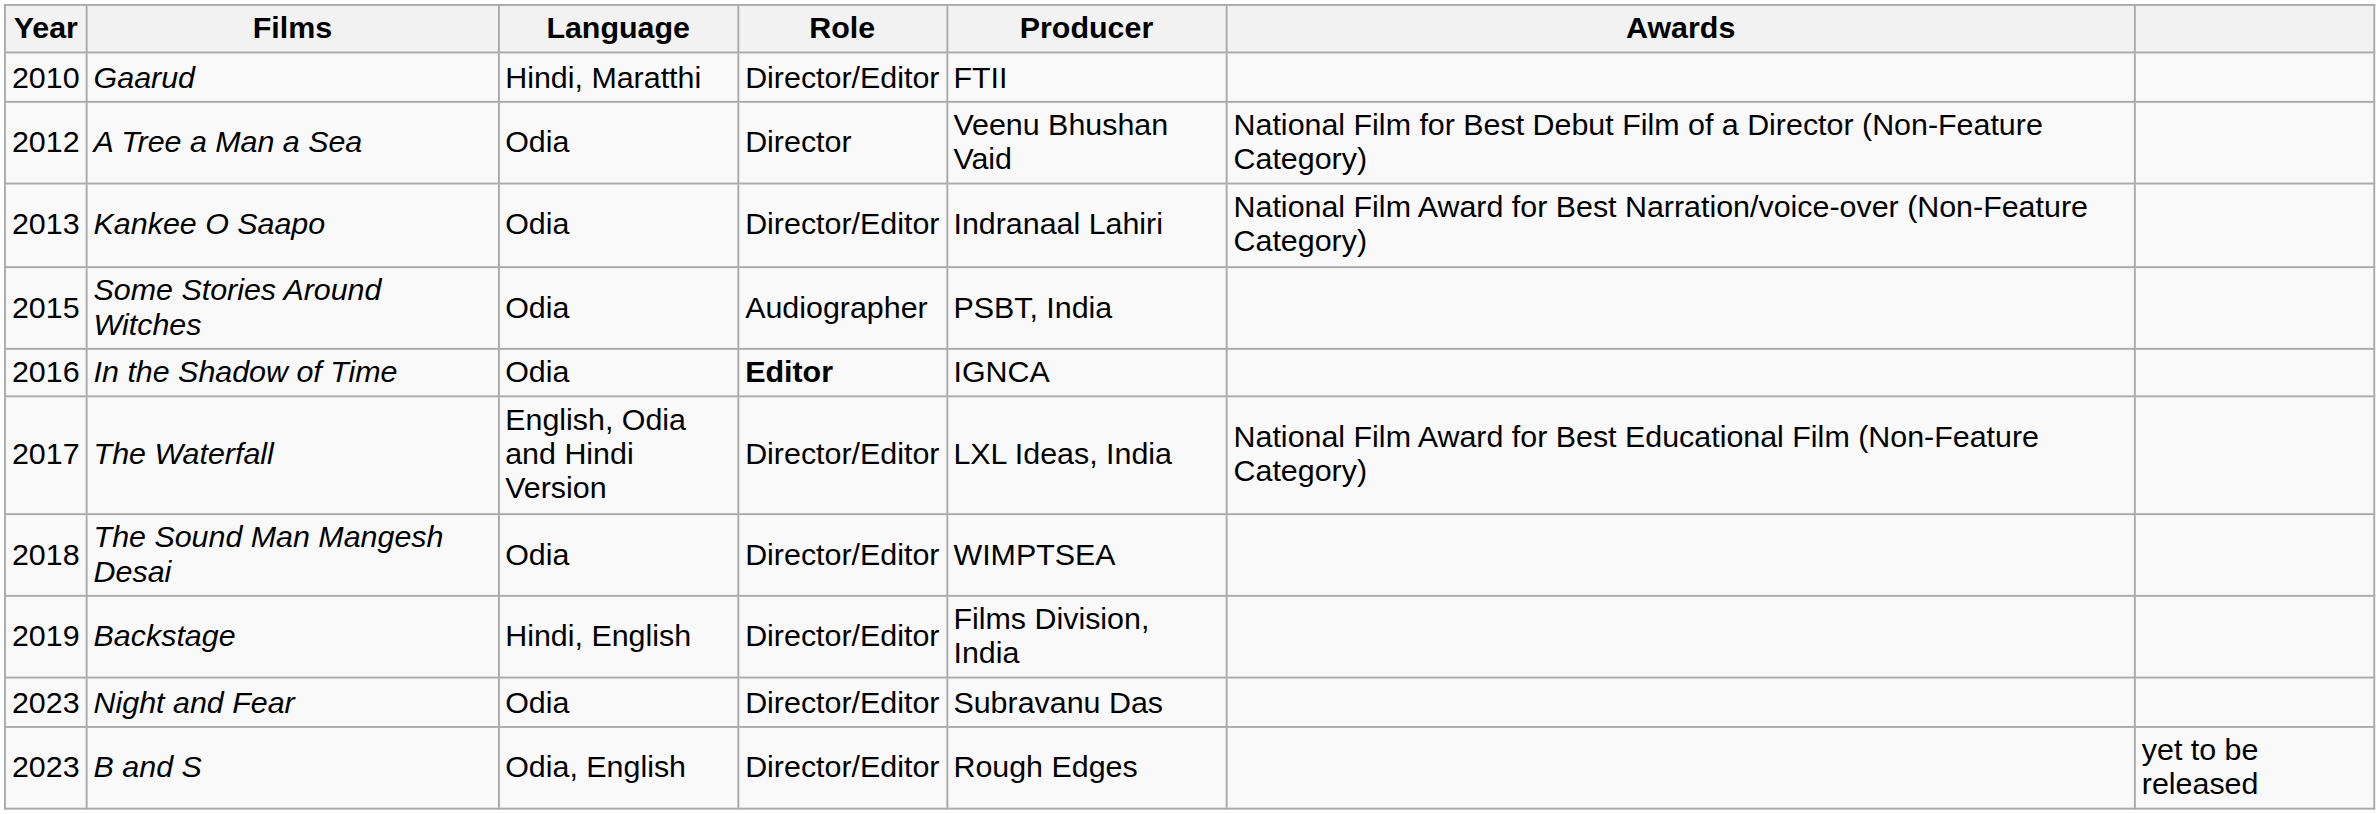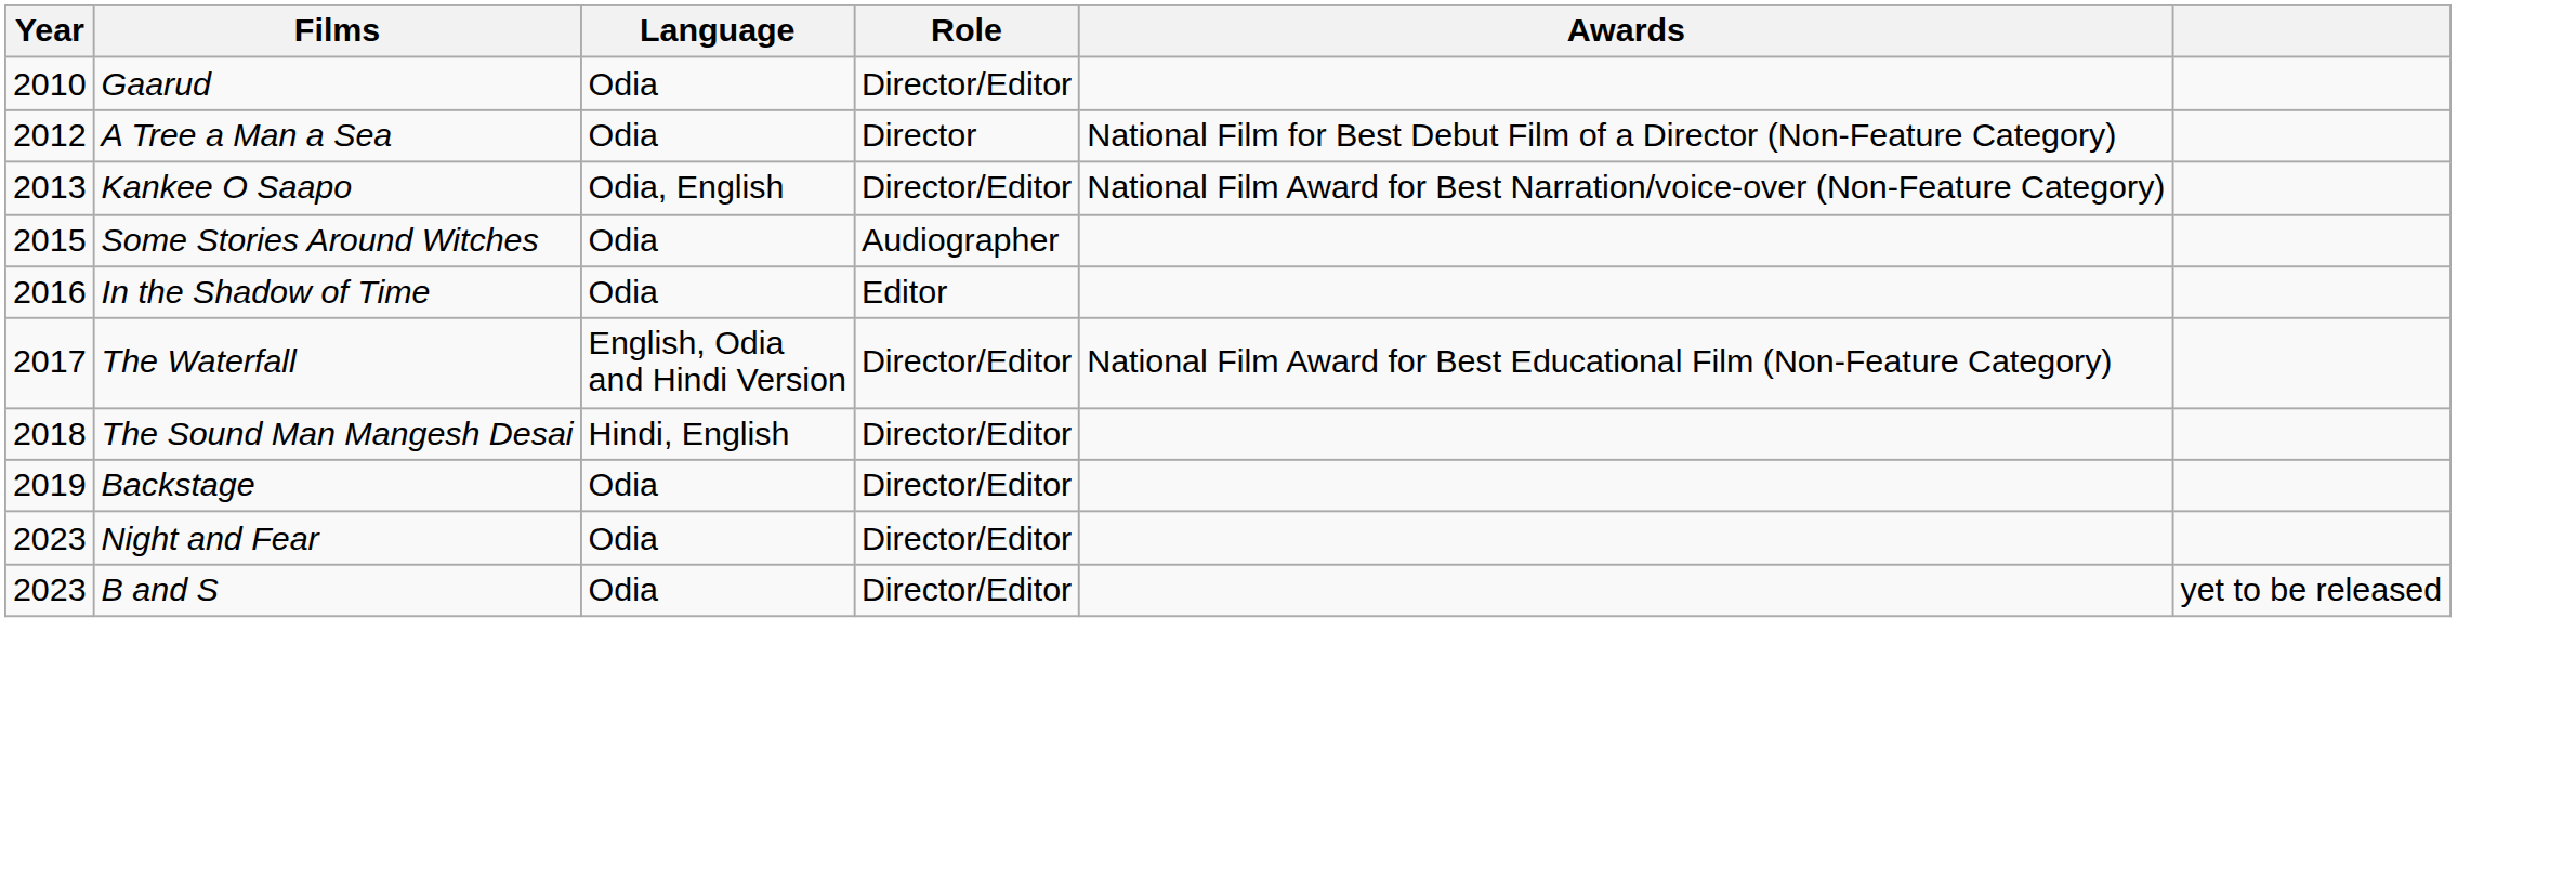 <table class="wikitable sortable">
 <tr>
 <th>Year</th>
 <th>Films</th>
 <th>Language</th>
 <th>Role</th>
-<th>Producer</th>
 <th>Awards</th>
 <th></th>
 </tr>
 <tr>
 <td>2010</td>
 <td><em>Gaarud</em></td>
-<td>Hindi, Maratthi</td>
+<td>Odia</td>
 <td>Director/Editor</td>
-<td>FTII</td>
 <td></td>
 <td></td>
 </tr>
 <tr>
 <td>2012</td>
 <td><em>A Tree a Man a Sea</em></td>
 <td>Odia</td>
 <td>Director</td>
-<td>Veenu Bhushan Vaid</td>
 <td>National Film for Best Debut Film of a Director (Non-Feature Category)</td>
 <td></td>
 </tr>
 <tr>
 <td>2013</td>
 <td><em>Kankee O Saapo</em></td>
-<td>Odia</td>
+<td>Odia, English</td>
 <td>Director/Editor</td>
-<td>Indranaal Lahiri</td>
 <td>National Film Award for Best Narration/voice-over (Non-Feature Category)</td>
 <td></td>
 </tr>
 <tr>
 <td>2015</td>
 <td><em>Some Stories Around Witches</em></td>
 <td>Odia</td>
 <td>Audiographer</td>
-<td>PSBT, India</td>
 <td></td>
 <td></td>
 </tr>
 <tr>
 <td>2016</td>
 <td><em>In the Shadow of Time</em></td>
 <td>Odia</td>
-<td><strong>Editor</strong></td>
-<td>IGNCA</td>
+<td>Editor</td>
 <td></td>
 <td></td>
 </tr>
 <tr>
 <td>2017</td>
 <td><em>The Waterfall</em></td>
 <td>English, Odia<br>and Hindi Version</td>
 <td>Director/Editor</td>
-<td>LXL Ideas, India</td>
 <td>National Film Award for Best Educational Film (Non-Feature Category)</td>
 <td></td>
 </tr>
 <tr>
 <td>2018</td>
 <td><em>The Sound Man Mangesh Desai</em></td>
-<td>Odia</td>
+<td>Hindi, English</td>
 <td>Director/Editor</td>
-<td>WIMPTSEA</td>
 <td></td>
 <td></td>
 </tr>
 <tr>
 <td>2019</td>
 <td><em>Backstage</em></td>
-<td>Hindi, English</td>
+<td>Odia</td>
 <td>Director/Editor</td>
-<td>Films Division, India</td>
 <td></td>
 <td></td>
 </tr>
 <tr>
 <td>2023</td>
 <td><em>Night and Fear</em></td>
 <td>Odia</td>
 <td>Director/Editor</td>
-<td>Subravanu Das</td>
 <td></td>
 <td></td>
 </tr>
 <tr>
 <td>2023</td>
 <td><em>B and S</em></td>
-<td>Odia, English</td>
+<td>Odia</td>
 <td>Director/Editor</td>
-<td>Rough Edges</td>
 <td></td>
 <td>yet to be released</td>
 </tr>
 </table>
